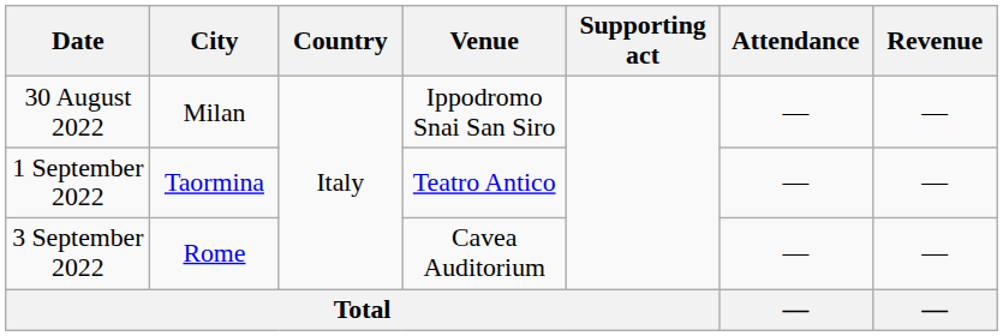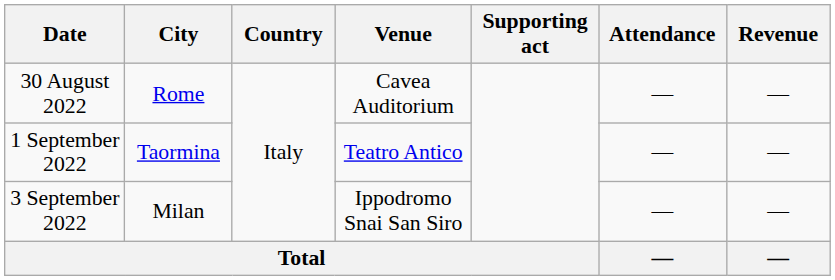 <table class="wikitable plainrowheaders" style="text-align:center;">
 <tr>
 <th scope="col" style="width:12em;">Date</th>
 <th scope="col" style="width:10em;">City</th>
 <th scope="col" style="width:10em;">Country</th>
 <th scope="col" style="width:16em;">Venue</th>
 <th scope="col" style="width:10em;">Supporting act</th>
 <th scope="col" style="width:10em;">Attendance</th>
 <th scope="col" style="width:10em;">Revenue</th>
 </tr>
 <tr>
 <td>30 August 2022</td>
-<td>Milan</td>
+<td><a href='#'>Rome</a></td>
 <td rowspan="3">Italy</td>
-<td>Ippodromo Snai San Siro</td>
+<td>Cavea Auditorium</td>
 <td rowspan="3"></td>
 <td>—</td>
 <td>—</td>
 </tr>
 <tr>
 <td>1 September 2022</td>
 <td><a href='#'>Taormina</a></td>
 <td><a href='#'>Teatro Antico</a></td>
 <td>—</td>
 <td>—</td>
 </tr>
 <tr>
 <td>3 September 2022</td>
-<td><a href='#'>Rome</a></td>
-<td>Cavea Auditorium</td>
+<td>Milan</td>
+<td>Ippodromo Snai San Siro</td>
 <td>—</td>
 <td>—</td>
 </tr>
 <tr>
 <th colspan="5">Total</th>
 <th>—</th>
 <th>—</th>
 </tr>
 </table>
